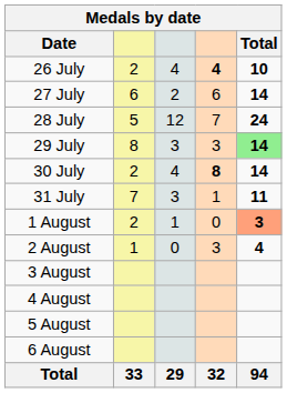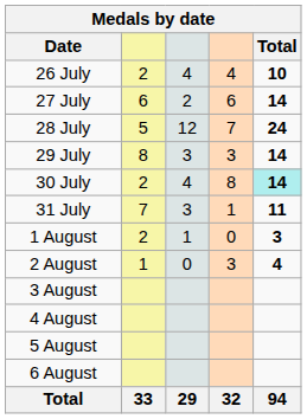 <table class="wikitable" style="font-size:90%; text-align:center;">
 <tr style="background:#efefef;">
 <th colspan=5><strong>Medals by date</strong></th>
 </tr>
 <tr>
 <th width=90><strong>Date</strong></th>
 <th width=30 style="background:#F7F6A8;"></th>
 <th width=30 style="background:#DCE5E5;"></th>
 <th width=30 style="background:#FFDAB9;"></th>
 <th width=30><strong>Total</strong></th>
 </tr>
 <tr>
 <td>26 July</td>
 <td style="background:#F7F6A8;">2</td>
 <td style="background:#DCE5E5;">4</td>
-<td style="background:#FFDAB9;"><strong>4</strong></td>
+<td style="background:#FFDAB9;">4</td>
 <td><strong>10</strong></td>
 </tr>
 <tr>
 <td>27 July</td>
 <td style="background:#F7F6A8;">6</td>
 <td style="background:#DCE5E5;">2</td>
 <td style="background:#FFDAB9;">6</td>
 <td><strong>14</strong></td>
 </tr>
 <tr>
 <td>28 July</td>
 <td style="background:#F7F6A8;">5</td>
 <td style="background:#DCE5E5;">12</td>
 <td style="background:#FFDAB9;">7</td>
 <td><strong>24</strong></td>
 </tr>
 <tr>
 <td>29 July</td>
 <td style="background:#F7F6A8;">8</td>
 <td style="background:#DCE5E5;">3</td>
 <td style="background:#FFDAB9;">3</td>
-<td style="background: lightgreen;"><strong>14</strong></td>
+<td><strong>14</strong></td>
 </tr>
 <tr>
 <td>30 July</td>
 <td style="background:#F7F6A8;">2</td>
 <td style="background:#DCE5E5;">4</td>
-<td style="background:#FFDAB9;"><strong>8</strong></td>
-<td><strong>14</strong></td>
+<td style="background:#FFDAB9;">8</td>
+<td style="background: paleturquoise;"><strong>14</strong></td>
 </tr>
 <tr>
 <td>31 July</td>
 <td style="background:#F7F6A8;">7</td>
 <td style="background:#DCE5E5;">3</td>
 <td style="background:#FFDAB9;">1</td>
 <td><strong>11</strong></td>
 </tr>
 <tr>
 <td>1 August</td>
 <td style="background:#F7F6A8;">2</td>
 <td style="background:#DCE5E5;">1</td>
 <td style="background:#FFDAB9;">0</td>
-<td style="background: lightsalmon;"><strong>3</strong></td>
+<td><strong>3</strong></td>
 </tr>
 <tr>
 <td>2 August</td>
 <td style="background:#F7F6A8;">1</td>
 <td style="background:#DCE5E5;">0</td>
 <td style="background:#FFDAB9;">3</td>
 <td><strong>4</strong></td>
 </tr>
 <tr>
 <td>3 August</td>
 <td style="background:#F7F6A8;"></td>
 <td style="background:#DCE5E5;"></td>
 <td style="background:#FFDAB9;"></td>
 <td></td>
 </tr>
 <tr>
 <td>4 August</td>
 <td style="background:#F7F6A8;"></td>
 <td style="background:#DCE5E5;"></td>
 <td style="background:#FFDAB9;"></td>
 <td></td>
 </tr>
 <tr>
 <td>5 August</td>
 <td style="background:#F7F6A8;"></td>
 <td style="background:#DCE5E5;"></td>
 <td style="background:#FFDAB9;"></td>
 <td></td>
 </tr>
 <tr>
 <td>6 August</td>
 <td style="background:#F7F6A8;"></td>
 <td style="background:#DCE5E5;"></td>
 <td style="background:#FFDAB9;"></td>
 <td></td>
 </tr>
 <tr>
 <th><strong>Total</strong></th>
 <th><strong>33</strong></th>
 <th><strong>29</strong></th>
 <th><strong>32</strong></th>
 <th><strong>94</strong></th>
 </tr>
 </table>
